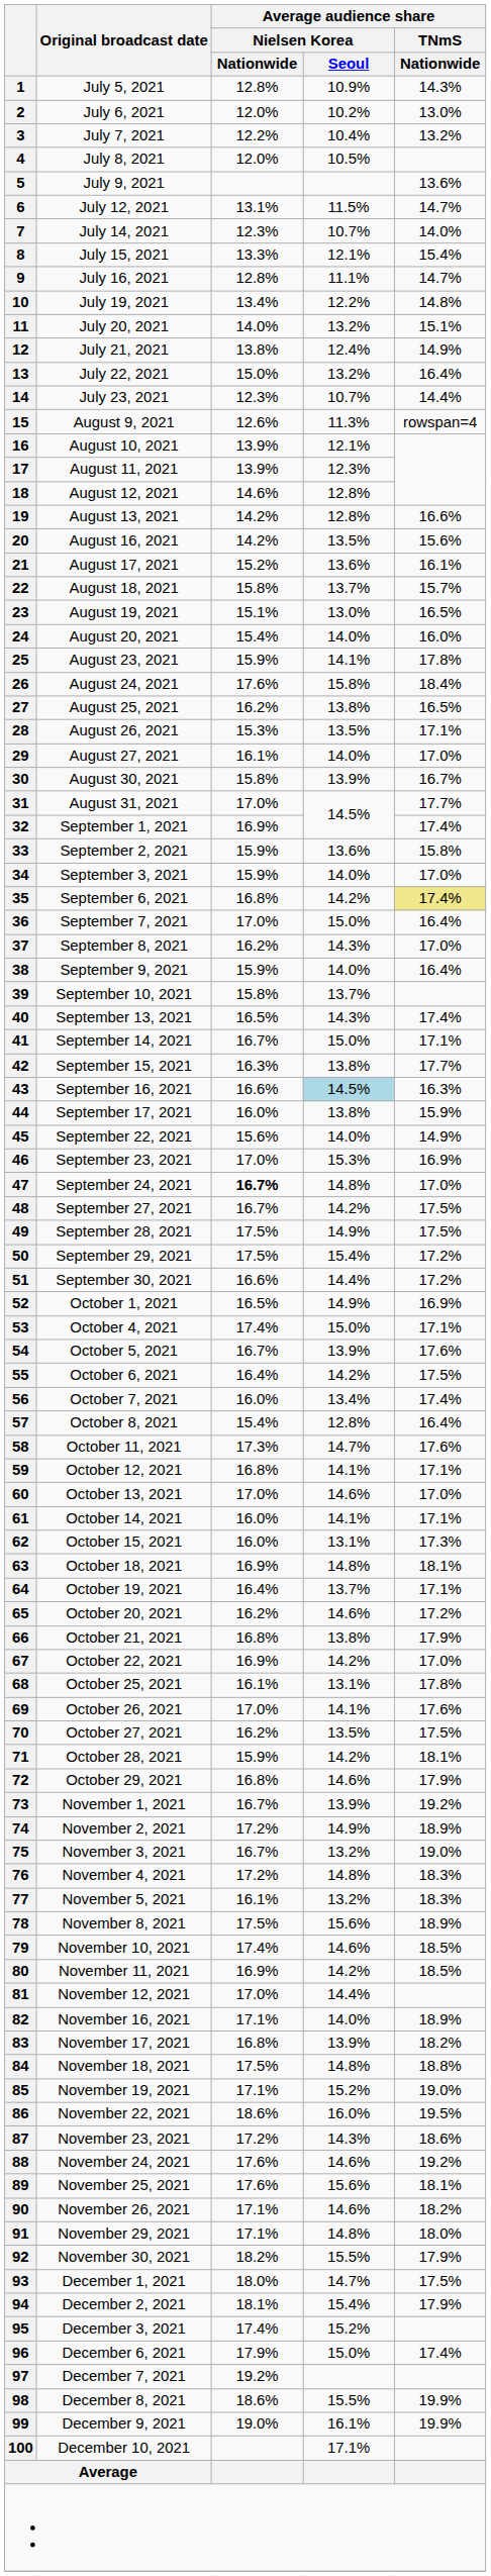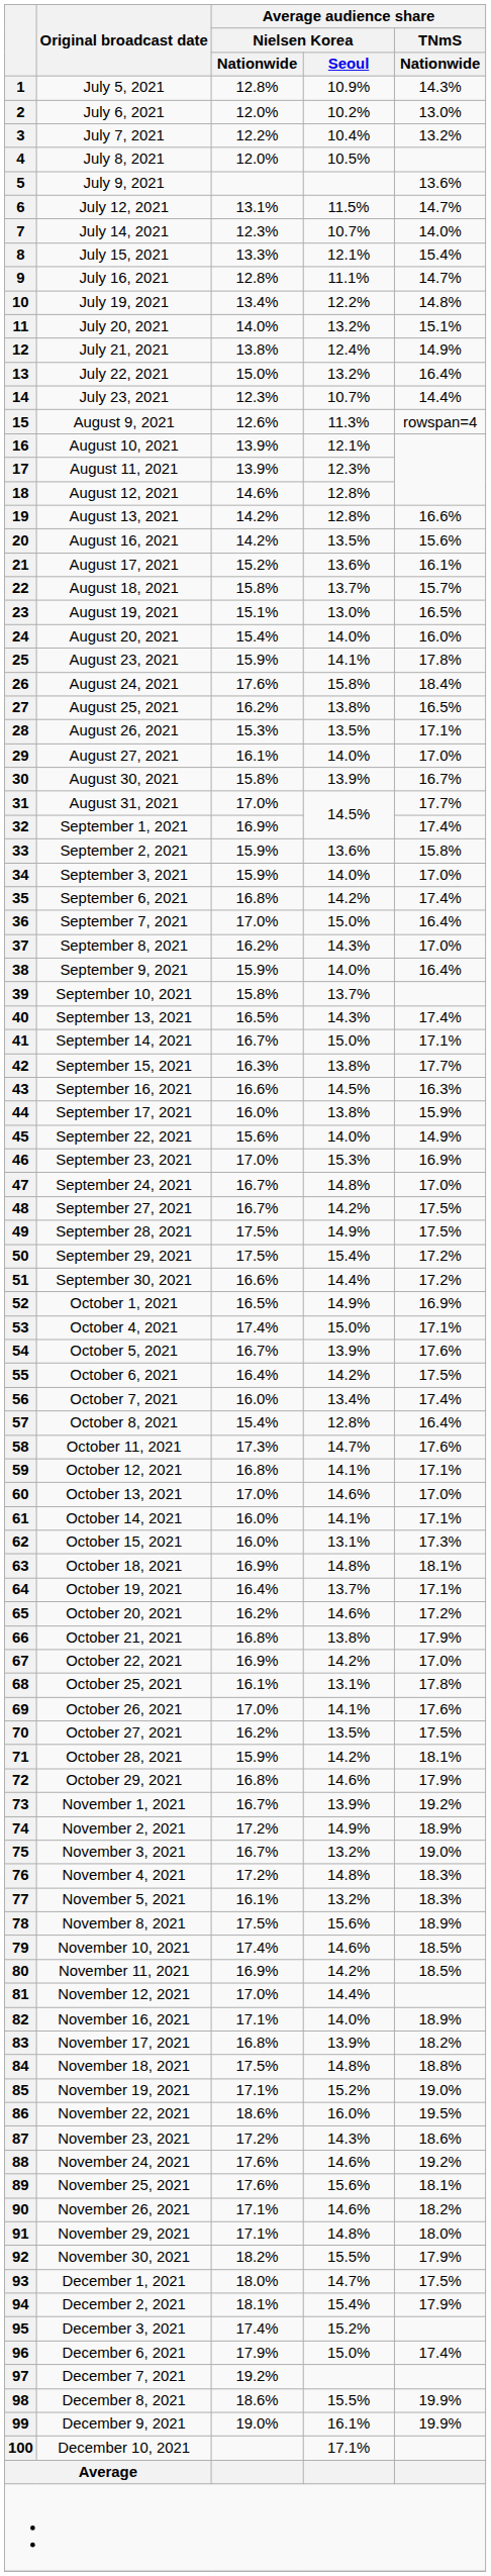 <table class="wikitable" style="text-align:center; max-width:550px">
 <tr>
 <th rowspan="3"></th>
 <th rowspan="3">Original broadcast date</th>
 <th colspan="3">Average audience share</th>
 </tr>
 <tr>
 <th colspan="2">Nielsen Korea</th>
 <th>TNmS</th>
 </tr>
 <tr>
 <th width="90">Nationwide</th>
 <th width="90"><a href='#'>Seoul</a></th>
 <th width="90">Nationwide</th>
 </tr>
 <tr>
 <th>1</th>
 <td>July 5, 2021</td>
 <td>12.8%</td>
 <td>10.9%</td>
 <td>14.3%</td>
 </tr>
 <tr>
 <th>2</th>
 <td>July 6, 2021</td>
 <td>12.0%</td>
 <td>10.2%</td>
 <td>13.0%</td>
 </tr>
 <tr>
 <th>3</th>
 <td>July 7, 2021</td>
 <td>12.2%</td>
 <td>10.4%</td>
 <td>13.2%</td>
 </tr>
 <tr>
 <th>4</th>
 <td>July 8, 2021</td>
 <td>12.0%</td>
 <td>10.5%</td>
 <td></td>
 </tr>
 <tr>
 <th>5</th>
 <td>July 9, 2021</td>
 <td></td>
 <td></td>
 <td>13.6%</td>
 </tr>
 <tr>
 <th>6</th>
 <td>July 12, 2021</td>
 <td>13.1%</td>
 <td>11.5%</td>
 <td>14.7%</td>
 </tr>
 <tr>
 <th>7</th>
 <td>July 14, 2021</td>
 <td>12.3%</td>
 <td>10.7%</td>
 <td>14.0%</td>
 </tr>
 <tr>
 <th>8</th>
 <td>July 15, 2021</td>
 <td>13.3%</td>
 <td>12.1%</td>
 <td>15.4%</td>
 </tr>
 <tr>
 <th>9</th>
 <td>July 16, 2021</td>
 <td>12.8%</td>
 <td>11.1%</td>
 <td>14.7%</td>
 </tr>
 <tr>
 <th>10</th>
 <td>July 19, 2021</td>
 <td>13.4%</td>
 <td>12.2%</td>
 <td>14.8%</td>
 </tr>
 <tr>
 <th>11</th>
 <td>July 20, 2021</td>
 <td>14.0%</td>
 <td>13.2%</td>
 <td>15.1%</td>
 </tr>
 <tr>
 <th>12</th>
 <td>July 21, 2021</td>
 <td>13.8%</td>
 <td>12.4%</td>
 <td>14.9%</td>
 </tr>
 <tr>
 <th>13</th>
 <td>July 22, 2021</td>
 <td>15.0%</td>
 <td>13.2%</td>
 <td>16.4%</td>
 </tr>
 <tr>
 <th>14</th>
 <td>July 23, 2021</td>
 <td>12.3%</td>
 <td>10.7%</td>
 <td>14.4%</td>
 </tr>
 <tr>
 <th>15</th>
 <td>August 9, 2021</td>
 <td>12.6%</td>
 <td>11.3%</td>
 <td>rowspan=4 </td>
 </tr>
 <tr>
 <th>16</th>
 <td>August 10, 2021</td>
 <td>13.9%</td>
 <td>12.1%</td>
 </tr>
 <tr>
 <th>17</th>
 <td>August 11, 2021</td>
 <td>13.9%</td>
 <td>12.3%</td>
 </tr>
 <tr>
 <th>18</th>
 <td>August 12, 2021</td>
 <td>14.6%</td>
 <td>12.8%</td>
 </tr>
 <tr>
 <th>19</th>
 <td>August 13, 2021</td>
 <td>14.2%</td>
 <td>12.8%</td>
 <td>16.6%</td>
 </tr>
 <tr>
 <th>20</th>
 <td>August 16, 2021</td>
 <td>14.2%</td>
 <td>13.5%</td>
 <td>15.6%</td>
 </tr>
 <tr>
 <th>21</th>
 <td>August 17, 2021</td>
 <td>15.2%</td>
 <td>13.6%</td>
 <td>16.1%</td>
 </tr>
 <tr>
 <th>22</th>
 <td>August 18, 2021</td>
 <td>15.8%</td>
 <td>13.7%</td>
 <td>15.7%</td>
 </tr>
 <tr>
 <th>23</th>
 <td>August 19, 2021</td>
 <td>15.1%</td>
 <td>13.0%</td>
 <td>16.5%</td>
 </tr>
 <tr>
 <th>24</th>
 <td>August 20, 2021</td>
 <td>15.4%</td>
 <td>14.0%</td>
 <td>16.0%</td>
 </tr>
 <tr>
 <th>25</th>
 <td>August 23, 2021</td>
 <td>15.9%</td>
 <td>14.1%</td>
 <td>17.8%</td>
 </tr>
 <tr>
 <th>26</th>
 <td>August 24, 2021</td>
 <td>17.6%</td>
 <td>15.8%</td>
 <td>18.4%</td>
 </tr>
 <tr>
 <th>27</th>
 <td>August 25, 2021</td>
 <td>16.2%</td>
 <td>13.8%</td>
 <td>16.5%</td>
 </tr>
 <tr>
 <th>28</th>
 <td>August 26, 2021</td>
 <td>15.3%</td>
 <td>13.5%</td>
 <td>17.1%</td>
 </tr>
 <tr>
 <th>29</th>
 <td>August 27, 2021</td>
 <td>16.1%</td>
 <td>14.0%</td>
 <td>17.0%</td>
 </tr>
 <tr>
 <th>30</th>
 <td>August 30, 2021</td>
 <td>15.8%</td>
 <td>13.9%</td>
 <td>16.7%</td>
 </tr>
 <tr>
 <th>31</th>
 <td>August 31, 2021</td>
 <td>17.0%</td>
 <td rowspan="2">14.5%</td>
 <td>17.7%</td>
 </tr>
 <tr>
 <th>32</th>
 <td>September 1, 2021</td>
 <td>16.9%</td>
 <td>17.4%</td>
 </tr>
 <tr>
 <th>33</th>
 <td>September 2, 2021</td>
 <td>15.9%</td>
 <td>13.6%</td>
 <td>15.8%</td>
 </tr>
 <tr>
 <th>34</th>
 <td>September 3, 2021</td>
 <td>15.9%</td>
 <td>14.0%</td>
 <td>17.0%</td>
 </tr>
 <tr>
 <th>35</th>
 <td>September 6, 2021</td>
 <td>16.8%</td>
 <td>14.2%</td>
-<td style="background: khaki;">17.4%</td>
+<td>17.4%</td>
 </tr>
 <tr>
 <th>36</th>
 <td>September 7, 2021</td>
 <td>17.0%</td>
 <td>15.0%</td>
 <td>16.4%</td>
 </tr>
 <tr>
 <th>37</th>
 <td>September 8, 2021</td>
 <td>16.2%</td>
 <td>14.3%</td>
 <td>17.0%</td>
 </tr>
 <tr>
 <th>38</th>
 <td>September 9, 2021</td>
 <td>15.9%</td>
 <td>14.0%</td>
 <td>16.4%</td>
 </tr>
 <tr>
 <th>39</th>
 <td>September 10, 2021</td>
 <td>15.8%</td>
 <td>13.7%</td>
 <td></td>
 </tr>
 <tr>
 <th>40</th>
 <td>September 13, 2021</td>
 <td>16.5%</td>
 <td>14.3%</td>
 <td>17.4%</td>
 </tr>
 <tr>
 <th>41</th>
 <td>September 14, 2021</td>
 <td>16.7%</td>
 <td>15.0%</td>
 <td>17.1%</td>
 </tr>
 <tr>
 <th>42</th>
 <td>September 15, 2021</td>
 <td>16.3%</td>
 <td>13.8%</td>
 <td>17.7%</td>
 </tr>
 <tr>
 <th>43</th>
 <td>September 16, 2021</td>
 <td>16.6%</td>
-<td style="background: lightblue;">14.5%</td>
+<td>14.5%</td>
 <td>16.3%</td>
 </tr>
 <tr>
 <th>44</th>
 <td>September 17, 2021</td>
 <td>16.0%</td>
 <td>13.8%</td>
 <td>15.9%</td>
 </tr>
 <tr>
 <th>45</th>
 <td>September 22, 2021</td>
 <td>15.6%</td>
 <td>14.0%</td>
 <td>14.9%</td>
 </tr>
 <tr>
 <th>46</th>
 <td>September 23, 2021</td>
 <td>17.0%</td>
 <td>15.3%</td>
 <td>16.9%</td>
 </tr>
 <tr>
 <th>47</th>
 <td>September 24, 2021</td>
-<td><strong>16.7%</strong></td>
+<td>16.7%</td>
 <td>14.8%</td>
 <td>17.0%</td>
 </tr>
 <tr>
 <th>48</th>
 <td>September 27, 2021</td>
 <td>16.7%</td>
 <td>14.2%</td>
 <td>17.5%</td>
 </tr>
 <tr>
 <th>49</th>
 <td>September 28, 2021</td>
 <td>17.5%</td>
 <td>14.9%</td>
 <td>17.5%</td>
 </tr>
 <tr>
 <th>50</th>
 <td>September 29, 2021</td>
 <td>17.5%</td>
 <td>15.4%</td>
 <td>17.2%</td>
 </tr>
 <tr>
 <th>51</th>
 <td>September 30, 2021</td>
 <td>16.6%</td>
 <td>14.4%</td>
 <td>17.2%</td>
 </tr>
 <tr>
 <th>52</th>
 <td>October 1, 2021</td>
 <td>16.5%</td>
 <td>14.9%</td>
 <td>16.9%</td>
 </tr>
 <tr>
 <th>53</th>
 <td>October 4, 2021</td>
 <td>17.4%</td>
 <td>15.0%</td>
 <td>17.1%</td>
 </tr>
 <tr>
 <th>54</th>
 <td>October 5, 2021</td>
 <td>16.7%</td>
 <td>13.9%</td>
 <td>17.6%</td>
 </tr>
 <tr>
 <th>55</th>
 <td>October 6, 2021</td>
 <td>16.4%</td>
 <td>14.2%</td>
 <td>17.5%</td>
 </tr>
 <tr>
 <th>56</th>
 <td>October 7, 2021</td>
 <td>16.0%</td>
 <td>13.4%</td>
 <td>17.4%</td>
 </tr>
 <tr>
 <th>57</th>
 <td>October 8, 2021</td>
 <td>15.4%</td>
 <td>12.8%</td>
 <td>16.4%</td>
 </tr>
 <tr>
 <th>58</th>
 <td>October 11, 2021</td>
 <td>17.3%</td>
 <td>14.7%</td>
 <td>17.6%</td>
 </tr>
 <tr>
 <th>59</th>
 <td>October 12, 2021</td>
 <td>16.8%</td>
 <td>14.1%</td>
 <td>17.1%</td>
 </tr>
 <tr>
 <th>60</th>
 <td>October 13, 2021</td>
 <td>17.0%</td>
 <td>14.6%</td>
 <td>17.0%</td>
 </tr>
 <tr>
 <th>61</th>
 <td>October 14, 2021</td>
 <td>16.0%</td>
 <td>14.1%</td>
 <td>17.1%</td>
 </tr>
 <tr>
 <th>62</th>
 <td>October 15, 2021</td>
 <td>16.0%</td>
 <td>13.1%</td>
 <td>17.3%</td>
 </tr>
 <tr>
 <th>63</th>
 <td>October 18, 2021</td>
 <td>16.9%</td>
 <td>14.8%</td>
 <td>18.1%</td>
 </tr>
 <tr>
 <th>64</th>
 <td>October 19, 2021</td>
 <td>16.4%</td>
 <td>13.7%</td>
 <td>17.1%</td>
 </tr>
 <tr>
 <th>65</th>
 <td>October 20, 2021</td>
 <td>16.2%</td>
 <td>14.6%</td>
 <td>17.2%</td>
 </tr>
 <tr>
 <th>66</th>
 <td>October 21, 2021</td>
 <td>16.8%</td>
 <td>13.8%</td>
 <td>17.9%</td>
 </tr>
 <tr>
 <th>67</th>
 <td>October 22, 2021</td>
 <td>16.9%</td>
 <td>14.2%</td>
 <td>17.0%</td>
 </tr>
 <tr>
 <th>68</th>
 <td>October 25, 2021</td>
 <td>16.1%</td>
 <td>13.1%</td>
 <td>17.8%</td>
 </tr>
 <tr>
 <th>69</th>
 <td>October 26, 2021</td>
 <td>17.0%</td>
 <td>14.1%</td>
 <td>17.6%</td>
 </tr>
 <tr>
 <th>70</th>
 <td>October 27, 2021</td>
 <td>16.2%</td>
 <td>13.5%</td>
 <td>17.5%</td>
 </tr>
 <tr>
 <th>71</th>
 <td>October 28, 2021</td>
 <td>15.9%</td>
 <td>14.2%</td>
 <td>18.1%</td>
 </tr>
 <tr>
 <th>72</th>
 <td>October 29, 2021</td>
 <td>16.8%</td>
 <td>14.6%</td>
 <td>17.9%</td>
 </tr>
 <tr>
 <th>73</th>
 <td>November 1, 2021</td>
 <td>16.7%</td>
 <td>13.9%</td>
 <td>19.2%</td>
 </tr>
 <tr>
 <th>74</th>
 <td>November 2, 2021</td>
 <td>17.2%</td>
 <td>14.9%</td>
 <td>18.9%</td>
 </tr>
 <tr>
 <th>75</th>
 <td>November 3, 2021</td>
 <td>16.7%</td>
 <td>13.2%</td>
 <td>19.0%</td>
 </tr>
 <tr>
 <th>76</th>
 <td>November 4, 2021</td>
 <td>17.2%</td>
 <td>14.8%</td>
 <td>18.3%</td>
 </tr>
 <tr>
 <th>77</th>
 <td>November 5, 2021</td>
 <td>16.1%</td>
 <td>13.2%</td>
 <td>18.3%</td>
 </tr>
 <tr>
 <th>78</th>
 <td>November 8, 2021</td>
 <td>17.5%</td>
 <td>15.6%</td>
 <td>18.9%</td>
 </tr>
 <tr>
 <th>79</th>
 <td>November 10, 2021</td>
 <td>17.4%</td>
 <td>14.6%</td>
 <td>18.5%</td>
 </tr>
 <tr>
 <th>80</th>
 <td>November 11, 2021</td>
 <td>16.9%</td>
 <td>14.2%</td>
 <td>18.5%</td>
 </tr>
 <tr>
 <th>81</th>
 <td>November 12, 2021</td>
 <td>17.0%</td>
 <td>14.4%</td>
 <td></td>
 </tr>
 <tr>
 <th>82</th>
 <td>November 16, 2021</td>
 <td>17.1%</td>
 <td>14.0%</td>
 <td>18.9%</td>
 </tr>
 <tr>
 <th>83</th>
 <td>November 17, 2021</td>
 <td>16.8%</td>
 <td>13.9%</td>
 <td>18.2%</td>
 </tr>
 <tr>
 <th>84</th>
 <td>November 18, 2021</td>
 <td>17.5%</td>
 <td>14.8%</td>
 <td>18.8%</td>
 </tr>
 <tr>
 <th>85</th>
 <td>November 19, 2021</td>
 <td>17.1%</td>
 <td>15.2%</td>
 <td>19.0%</td>
 </tr>
 <tr>
 <th>86</th>
 <td>November 22, 2021</td>
 <td>18.6%</td>
 <td>16.0%</td>
 <td>19.5%</td>
 </tr>
 <tr>
 <th>87</th>
 <td>November 23, 2021</td>
 <td>17.2%</td>
 <td>14.3%</td>
 <td>18.6%</td>
 </tr>
 <tr>
 <th>88</th>
 <td>November 24, 2021</td>
 <td>17.6%</td>
 <td>14.6%</td>
 <td>19.2%</td>
 </tr>
 <tr>
 <th>89</th>
 <td>November 25, 2021</td>
 <td>17.6%</td>
 <td>15.6%</td>
 <td>18.1%</td>
 </tr>
 <tr>
 <th>90</th>
 <td>November 26, 2021</td>
 <td>17.1%</td>
 <td>14.6%</td>
 <td>18.2%</td>
 </tr>
 <tr>
 <th>91</th>
 <td>November 29, 2021</td>
 <td>17.1%</td>
 <td>14.8%</td>
 <td>18.0%</td>
 </tr>
 <tr>
 <th>92</th>
 <td>November 30, 2021</td>
 <td>18.2%</td>
 <td>15.5%</td>
 <td>17.9%</td>
 </tr>
 <tr>
 <th>93</th>
 <td>December 1, 2021</td>
 <td>18.0%</td>
 <td>14.7%</td>
 <td>17.5%</td>
 </tr>
 <tr>
 <th>94</th>
 <td>December 2, 2021</td>
 <td>18.1%</td>
 <td>15.4%</td>
 <td>17.9%</td>
 </tr>
 <tr>
 <th>95</th>
 <td>December 3, 2021</td>
 <td>17.4%</td>
 <td>15.2%</td>
 <td></td>
 </tr>
 <tr>
 <th>96</th>
 <td>December 6, 2021</td>
 <td>17.9%</td>
 <td>15.0%</td>
 <td>17.4%</td>
 </tr>
 <tr>
 <th>97</th>
 <td>December 7, 2021</td>
 <td>19.2%</td>
 <td></td>
 <td></td>
 </tr>
 <tr>
 <th>98</th>
 <td>December 8, 2021</td>
 <td>18.6%</td>
 <td>15.5%</td>
 <td>19.9%</td>
 </tr>
 <tr>
 <th>99</th>
 <td>December 9, 2021</td>
 <td>19.0%</td>
 <td>16.1%</td>
 <td>19.9%</td>
 </tr>
 <tr>
 <th>100</th>
 <td>December 10, 2021</td>
 <td></td>
 <td>17.1%</td>
 <td></td>
 </tr>
 <tr>
 <th colspan="2">Average</th>
 <th></th>
 <th></th>
 <th></th>
 </tr>
 <tr>
 <td colspan="5"><br><ul><li></li><li></li></ul></td>
 </tr>
 <tr>
 </tr>
 </table>
